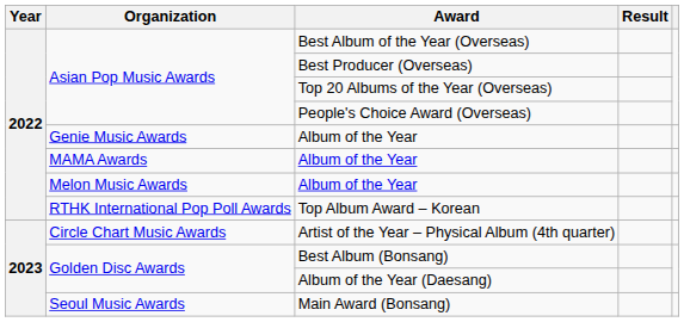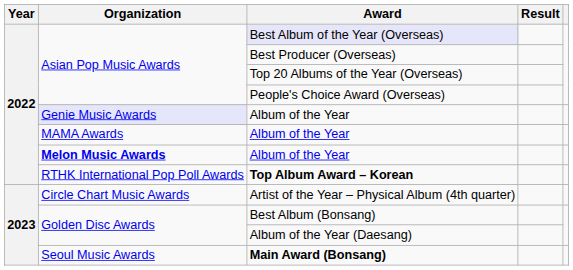 <table class="wikitable sortable plainrowheaders">
 <tr>
 <th scope="col">Year</th>
 <th scope="col">Organization</th>
 <th scope="col">Award</th>
 <th scope="col">Result</th>
 <th scope="col" class="unsortable"></th>
 </tr>
 <tr>
 <th scope="row" rowspan="8">2022</th>
 <td rowspan="4"><a href='#'>Asian Pop Music Awards</a></td>
-<td>Best Album of the Year (Overseas)</td>
+<td style="background: lavender;">Best Album of the Year (Overseas)</td>
 <td></td>
 <td rowspan="4" style="text-align:center"></td>
 </tr>
 <tr>
 <td>Best Producer (Overseas)</td>
 <td></td>
 </tr>
 <tr>
 <td>Top 20 Albums of the Year (Overseas)</td>
 <td></td>
 </tr>
 <tr>
 <td>People's Choice Award (Overseas)</td>
 <td></td>
 </tr>
 <tr>
-<td><a href='#'>Genie Music Awards</a></td>
+<td style="background: lavender;"><a href='#'>Genie Music Awards</a></td>
 <td>Album of the Year</td>
 <td></td>
 <td style="text-align:center"></td>
 </tr>
 <tr>
 <td><a href='#'>MAMA Awards</a></td>
 <td><a href='#'>Album of the Year</a></td>
 <td></td>
 <td style="text-align:center"></td>
 </tr>
 <tr>
-<td><a href='#'>Melon Music Awards</a></td>
+<td><strong><a href='#'>Melon Music Awards</a></strong></td>
 <td><a href='#'>Album of the Year</a></td>
 <td></td>
 <td style="text-align:center"></td>
 </tr>
 <tr>
 <td><a href='#'>RTHK International Pop Poll Awards</a></td>
-<td>Top Album Award – Korean</td>
+<td><strong>Top Album Award – Korean</strong></td>
 <td></td>
 <td style="text-align:center"></td>
 </tr>
 <tr>
 <th scope="row" rowspan="4">2023</th>
 <td><a href='#'>Circle Chart Music Awards</a></td>
 <td>Artist of the Year – Physical Album (4th quarter)</td>
 <td></td>
 <td style="text-align:center"></td>
 </tr>
 <tr>
 <td rowspan="2"><a href='#'>Golden Disc Awards</a></td>
 <td>Best Album (Bonsang)</td>
 <td></td>
 <td style="text-align:center" rowspan="2"></td>
 </tr>
 <tr>
 <td>Album of the Year (Daesang)</td>
 <td></td>
 </tr>
 <tr>
 <td><a href='#'>Seoul Music Awards</a></td>
-<td>Main Award (Bonsang)</td>
+<td><strong>Main Award (Bonsang)</strong></td>
 <td></td>
 <td style="text-align:center;"></td>
 </tr>
 </table>
